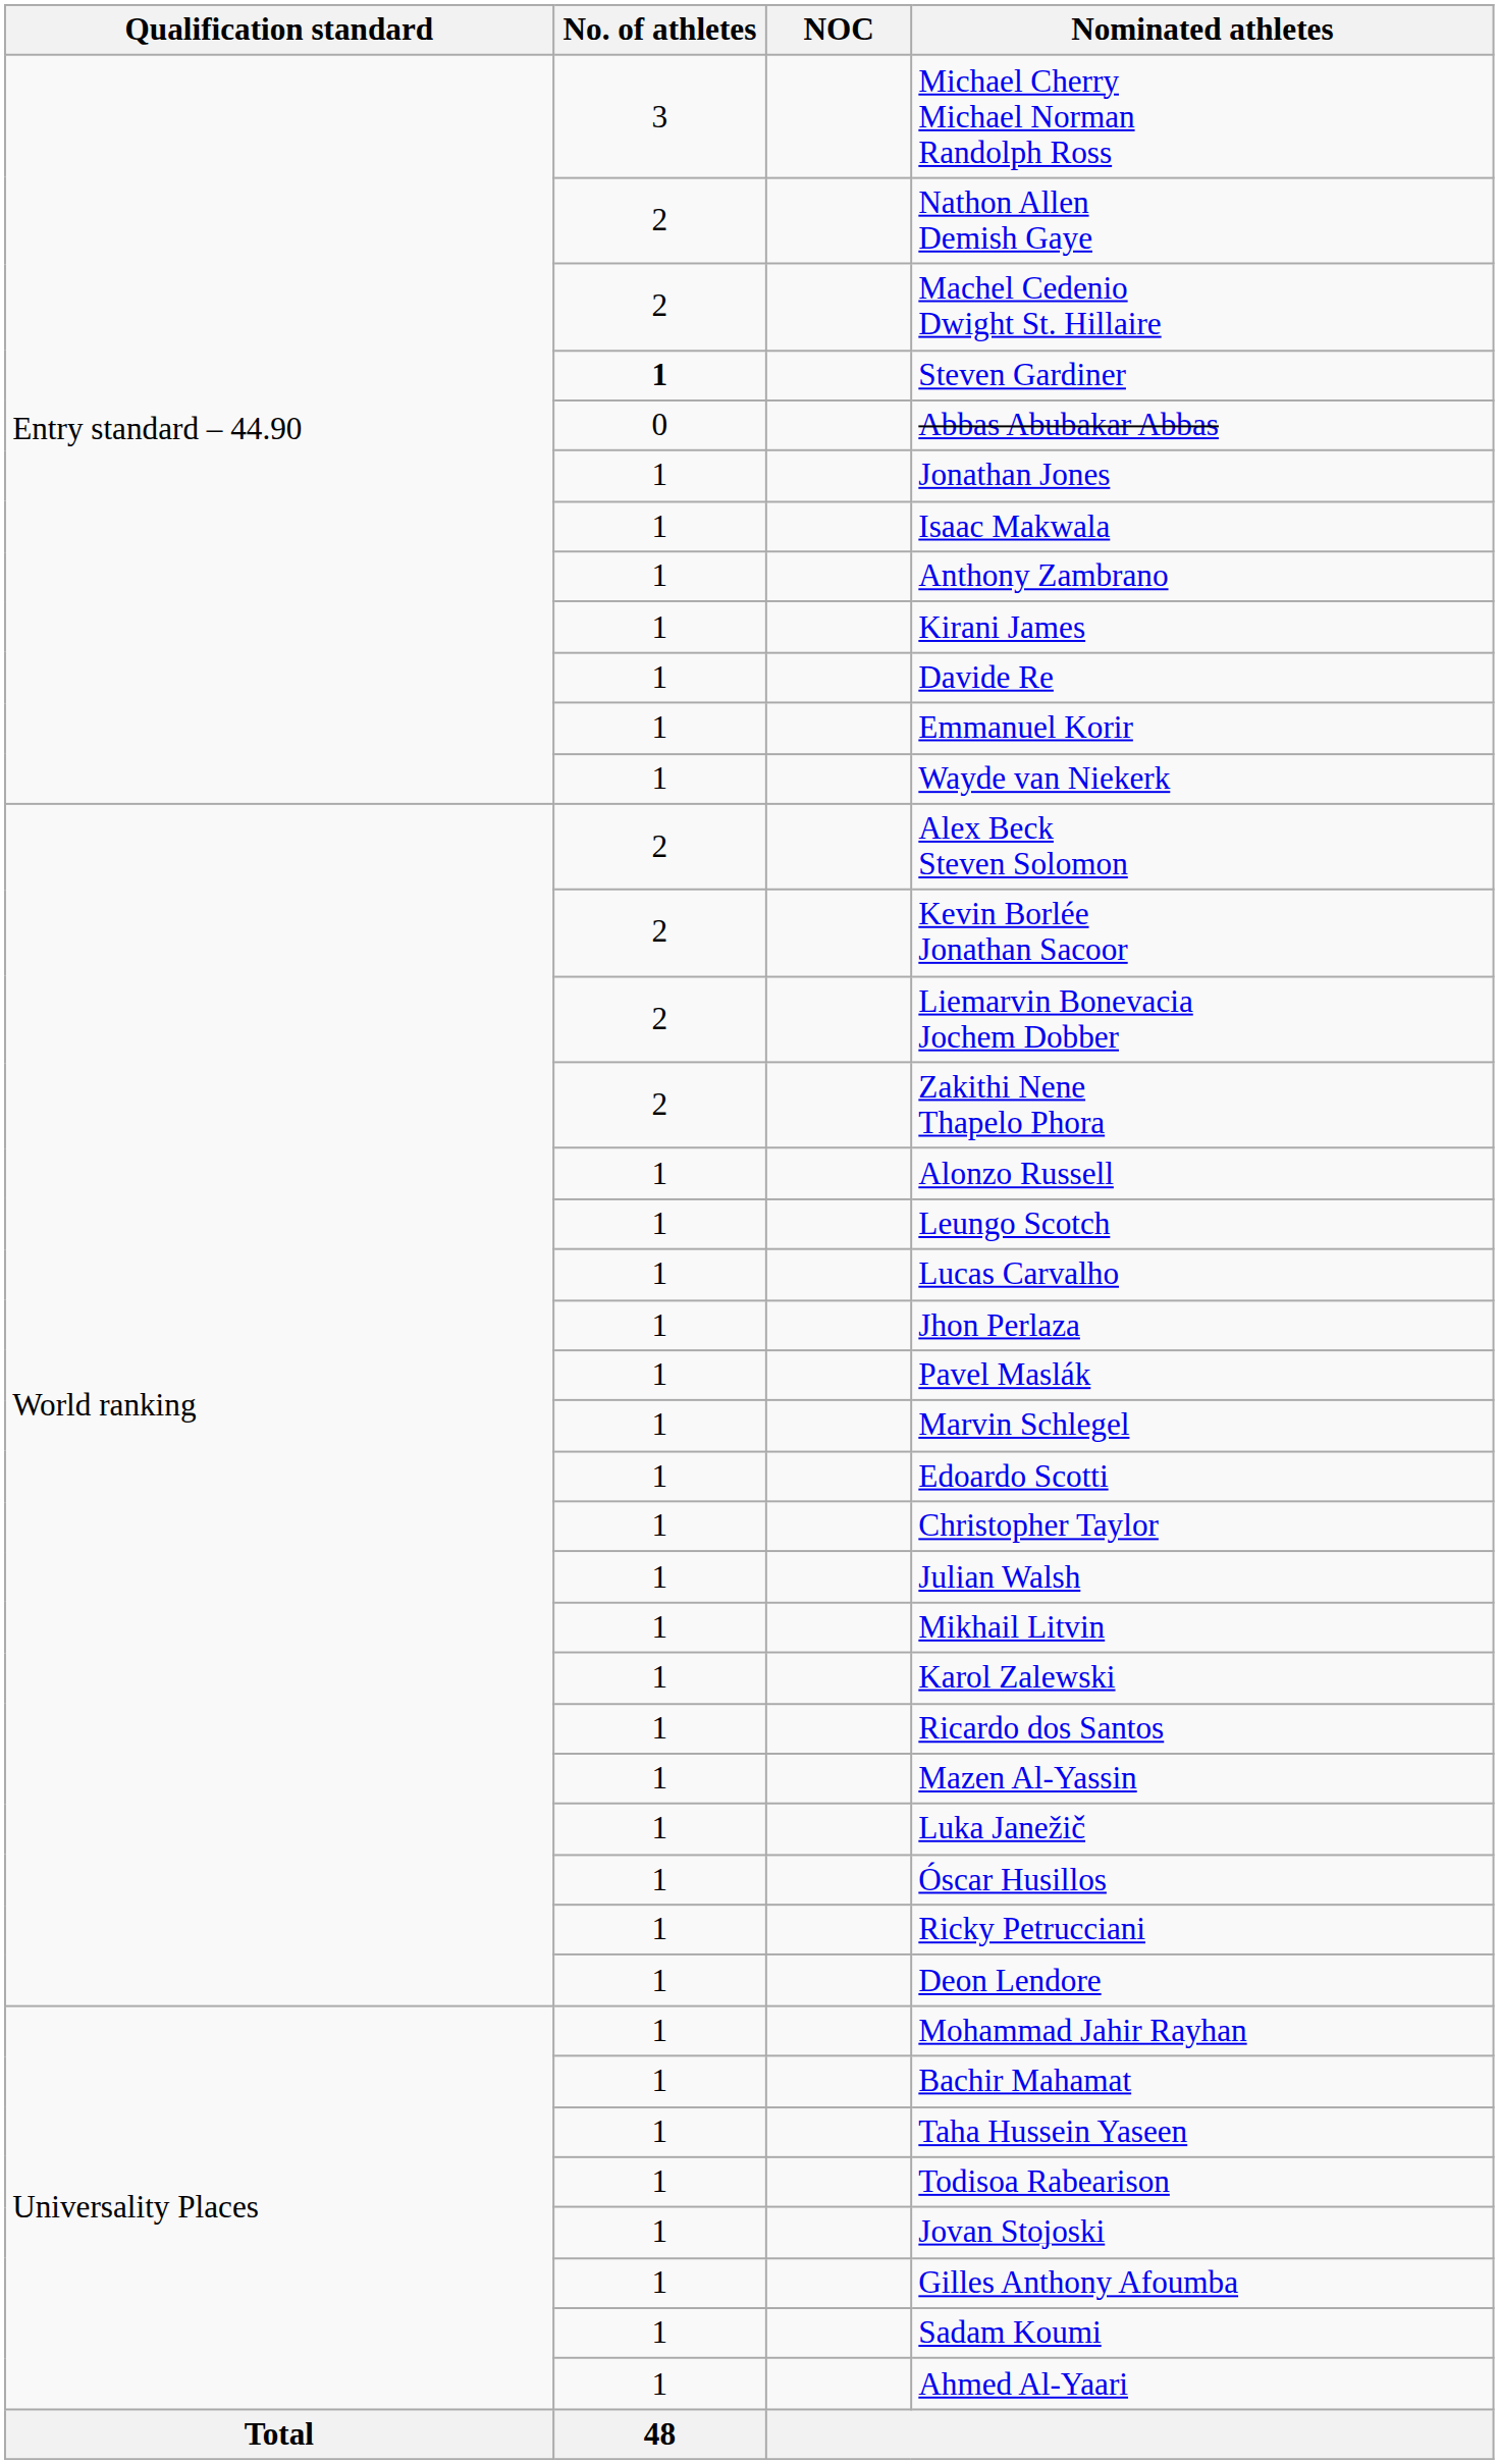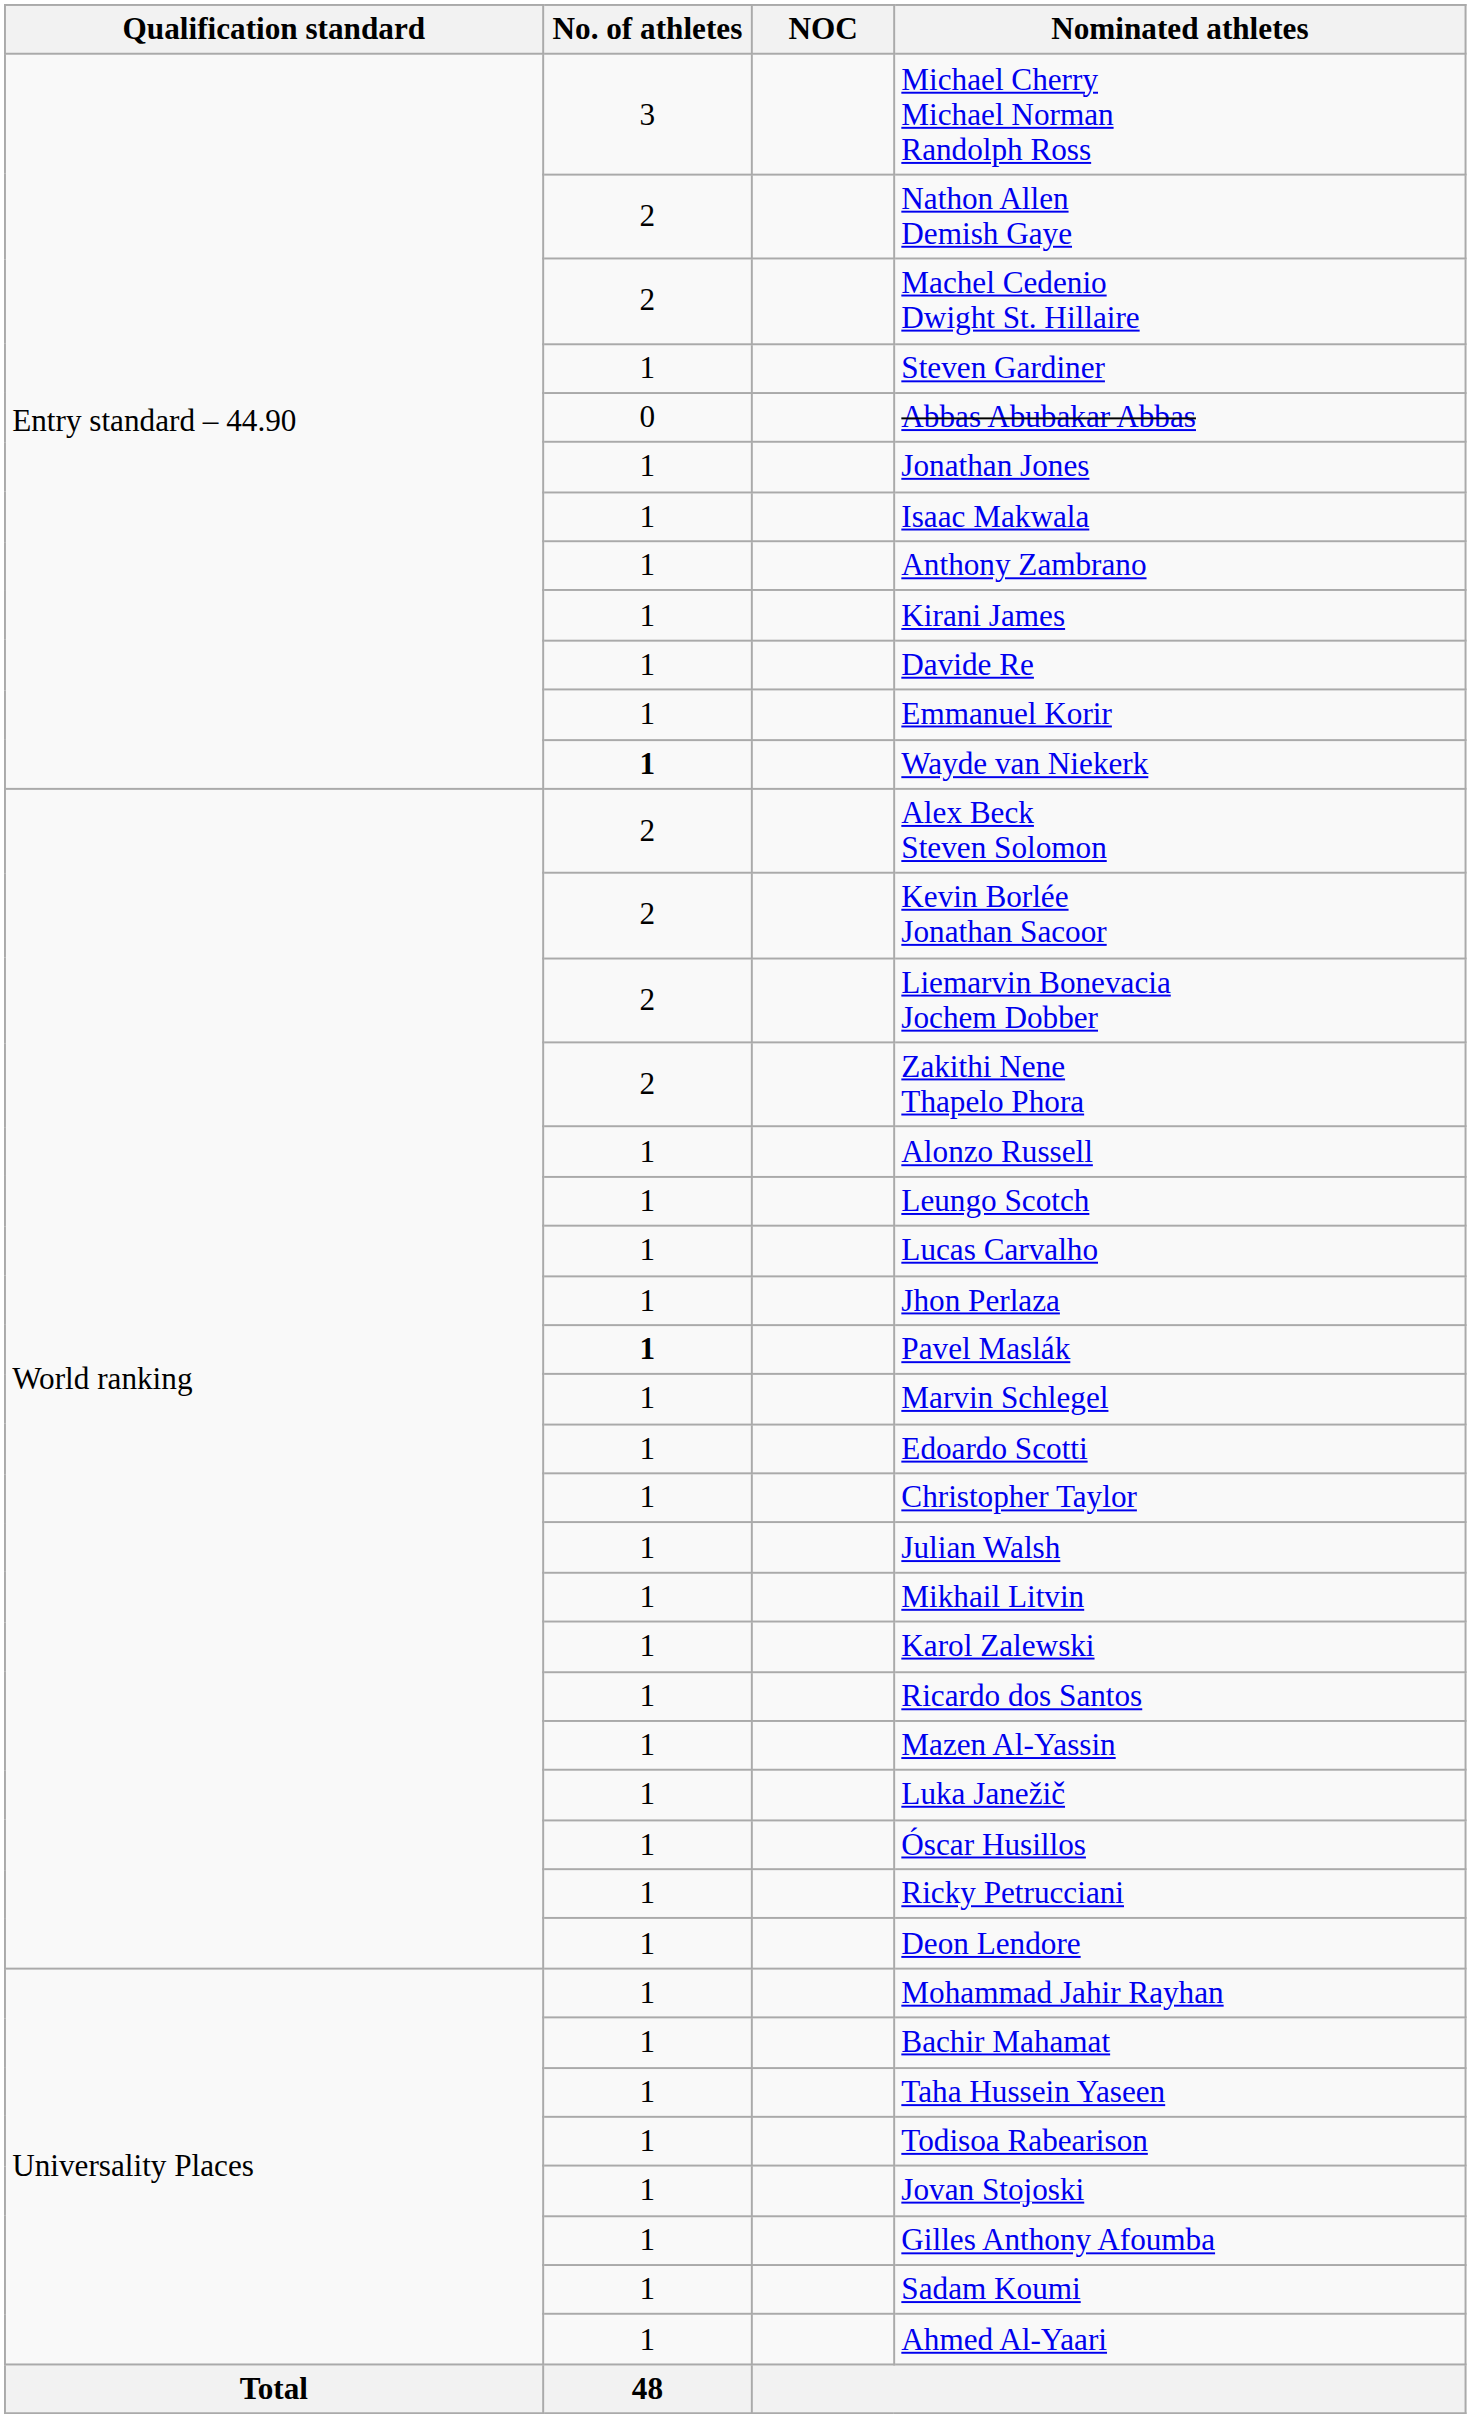 <table class="wikitable" style="text-align:left; width:750px;">
 <tr>
 <th>Qualification standard</th>
 <th width=100>No. of athletes</th>
 <th>NOC</th>
 <th>Nominated athletes</th>
 </tr>
 <tr>
 <td rowspan=12>Entry standard – 44.90</td>
 <td align=center>3</td>
 <td></td>
 <td><a href='#'>Michael Cherry</a><br><a href='#'>Michael Norman</a><br><a href='#'>Randolph Ross</a></td>
 </tr>
 <tr>
 <td align=center>2</td>
 <td></td>
 <td><a href='#'>Nathon Allen</a><br><a href='#'>Demish Gaye</a></td>
 </tr>
 <tr>
 <td align=center>2</td>
 <td></td>
 <td><a href='#'>Machel Cedenio</a><br><a href='#'>Dwight St. Hillaire</a></td>
 </tr>
 <tr>
-<td align=center><strong>1</strong></td>
+<td align=center>1</td>
 <td></td>
 <td><a href='#'>Steven Gardiner</a></td>
 </tr>
 <tr>
 <td align=center>0</td>
 <td></td>
 <td><s><a href='#'>Abbas Abubakar Abbas</a></s></td>
 </tr>
 <tr>
 <td align=center>1</td>
 <td></td>
 <td><a href='#'>Jonathan Jones</a></td>
 </tr>
 <tr>
 <td align=center>1</td>
 <td></td>
 <td><a href='#'>Isaac Makwala</a></td>
 </tr>
 <tr>
 <td align=center>1</td>
 <td></td>
 <td><a href='#'>Anthony Zambrano</a></td>
 </tr>
 <tr>
 <td align=center>1</td>
 <td></td>
 <td><a href='#'>Kirani James</a></td>
 </tr>
 <tr>
 <td align=center>1</td>
 <td></td>
 <td><a href='#'>Davide Re</a></td>
 </tr>
 <tr>
 <td align=center>1</td>
 <td></td>
 <td><a href='#'>Emmanuel Korir</a></td>
 </tr>
 <tr>
-<td align=center>1</td>
+<td align=center><strong>1</strong></td>
 <td></td>
 <td><a href='#'>Wayde van Niekerk</a></td>
 </tr>
 <tr>
 <td rowspan=21>World ranking</td>
 <td align=center>2</td>
 <td></td>
 <td><a href='#'>Alex Beck</a><br><a href='#'>Steven Solomon</a></td>
 </tr>
 <tr>
 <td align=center>2</td>
 <td></td>
 <td><a href='#'>Kevin Borlée</a><br><a href='#'>Jonathan Sacoor</a></td>
 </tr>
 <tr>
 <td align=center>2</td>
 <td></td>
 <td><a href='#'>Liemarvin Bonevacia</a><br><a href='#'>Jochem Dobber</a></td>
 </tr>
 <tr>
 <td align=center>2</td>
 <td></td>
 <td><a href='#'>Zakithi Nene</a><br><a href='#'>Thapelo Phora</a></td>
 </tr>
 <tr>
 <td align=center>1</td>
 <td></td>
 <td><a href='#'>Alonzo Russell</a></td>
 </tr>
 <tr>
 <td align=center>1</td>
 <td></td>
 <td><a href='#'>Leungo Scotch</a></td>
 </tr>
 <tr>
 <td align=center>1</td>
 <td></td>
 <td><a href='#'>Lucas Carvalho</a></td>
 </tr>
 <tr>
 <td align=center>1</td>
 <td></td>
 <td><a href='#'>Jhon Perlaza</a></td>
 </tr>
 <tr>
-<td align=center>1</td>
+<td align=center><strong>1</strong></td>
 <td></td>
 <td><a href='#'>Pavel Maslák</a></td>
 </tr>
 <tr>
 <td align=center>1</td>
 <td></td>
 <td><a href='#'>Marvin Schlegel</a></td>
 </tr>
 <tr>
 <td align=center>1</td>
 <td></td>
 <td><a href='#'>Edoardo Scotti</a></td>
 </tr>
 <tr>
 <td align=center>1</td>
 <td></td>
 <td><a href='#'>Christopher Taylor</a></td>
 </tr>
 <tr>
 <td align=center>1</td>
 <td></td>
 <td><a href='#'>Julian Walsh</a></td>
 </tr>
 <tr>
 <td align=center>1</td>
 <td></td>
 <td><a href='#'>Mikhail Litvin</a></td>
 </tr>
 <tr>
 <td align=center>1</td>
 <td></td>
 <td><a href='#'>Karol Zalewski</a></td>
 </tr>
 <tr>
 <td align=center>1</td>
 <td></td>
 <td><a href='#'>Ricardo dos Santos</a></td>
 </tr>
 <tr>
 <td align=center>1</td>
 <td></td>
 <td><a href='#'>Mazen Al-Yassin</a></td>
 </tr>
 <tr>
 <td align=center>1</td>
 <td></td>
 <td><a href='#'>Luka Janežič</a></td>
 </tr>
 <tr>
 <td align=center>1</td>
 <td></td>
 <td><a href='#'>Óscar Husillos</a></td>
 </tr>
 <tr>
 <td align=center>1</td>
 <td></td>
 <td><a href='#'>Ricky Petrucciani</a></td>
 </tr>
 <tr>
 <td align=center>1</td>
 <td></td>
 <td><a href='#'>Deon Lendore</a></td>
 </tr>
 <tr>
 <td rowspan=8>Universality Places</td>
 <td align=center>1</td>
 <td></td>
 <td><a href='#'>Mohammad Jahir Rayhan</a></td>
 </tr>
 <tr>
 <td align=center>1</td>
 <td></td>
 <td><a href='#'>Bachir Mahamat</a></td>
 </tr>
 <tr>
 <td align=center>1</td>
 <td></td>
 <td><a href='#'>Taha Hussein Yaseen</a></td>
 </tr>
 <tr>
 <td align=center>1</td>
 <td></td>
 <td><a href='#'>Todisoa Rabearison</a></td>
 </tr>
 <tr>
 <td align=center>1</td>
 <td></td>
 <td><a href='#'>Jovan Stojoski</a></td>
 </tr>
 <tr>
 <td align=center>1</td>
 <td></td>
 <td><a href='#'>Gilles Anthony Afoumba</a></td>
 </tr>
 <tr>
 <td align=center>1</td>
 <td></td>
 <td><a href='#'>Sadam Koumi</a></td>
 </tr>
 <tr>
 <td align=center>1</td>
 <td></td>
 <td><a href='#'>Ahmed Al-Yaari</a></td>
 </tr>
 <tr>
 <th>Total</th>
 <th>48</th>
 <th colspan=2></th>
 </tr>
 </table>
